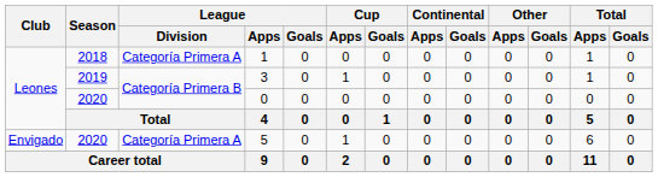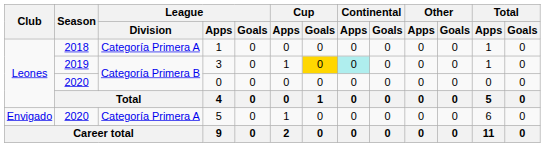 <table class="wikitable" style="text-align: center">
 <tr>
 <th rowspan="2">Club</th>
 <th rowspan="2">Season</th>
 <th colspan="3">League</th>
 <th colspan="2">Cup</th>
 <th colspan="2">Continental</th>
 <th colspan="2">Other</th>
 <th colspan="2">Total</th>
 </tr>
 <tr>
 <th>Division</th>
 <th>Apps</th>
 <th>Goals</th>
 <th>Apps</th>
 <th>Goals</th>
 <th>Apps</th>
 <th>Goals</th>
 <th>Apps</th>
 <th>Goals</th>
 <th>Apps</th>
 <th>Goals</th>
 </tr>
 <tr>
 <td rowspan="4"><a href='#'>Leones</a></td>
 <td><a href='#'>2018</a></td>
 <td><a href='#'>Categoría Primera A</a></td>
 <td>1</td>
 <td>0</td>
 <td>0</td>
 <td>0</td>
 <td>0</td>
 <td>0</td>
 <td>0</td>
 <td>0</td>
 <td>1</td>
 <td>0</td>
 </tr>
 <tr>
 <td><a href='#'>2019</a></td>
 <td rowspan="2"><a href='#'>Categoría Primera B</a></td>
 <td>3</td>
 <td>0</td>
 <td>1</td>
-<td>0</td>
-<td>0</td>
+<td style="background: gold;">0</td>
+<td style="background: paleturquoise;">0</td>
 <td>0</td>
 <td>0</td>
 <td>0</td>
 <td>1</td>
 <td>0</td>
 </tr>
 <tr>
 <td><a href='#'>2020</a></td>
 <td>0</td>
 <td>0</td>
 <td>0</td>
 <td>0</td>
 <td>0</td>
 <td>0</td>
 <td>0</td>
 <td>0</td>
 <td>0</td>
 <td>0</td>
 </tr>
 <tr>
 <th colspan="2"><strong>Total</strong></th>
 <th>4</th>
 <th>0</th>
 <th>0</th>
 <th>1</th>
 <th>0</th>
 <th>0</th>
 <th>0</th>
 <th>0</th>
 <th>5</th>
 <th>0</th>
 </tr>
 <tr>
 <td><a href='#'>Envigado</a></td>
 <td><a href='#'>2020</a></td>
 <td><a href='#'>Categoría Primera A</a></td>
 <td>5</td>
 <td>0</td>
 <td>1</td>
 <td>0</td>
 <td>0</td>
 <td>0</td>
 <td>0</td>
 <td>0</td>
 <td>6</td>
 <td>0</td>
 </tr>
 <tr>
 <th colspan="3"><strong>Career total</strong></th>
 <th>9</th>
 <th>0</th>
 <th>2</th>
 <th>0</th>
 <th>0</th>
 <th>0</th>
 <th>0</th>
 <th>0</th>
 <th>11</th>
 <th>0</th>
 </tr>
 </table>
